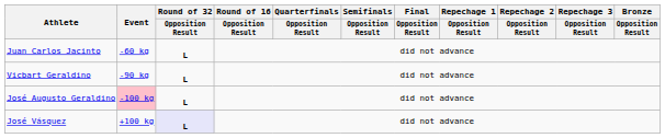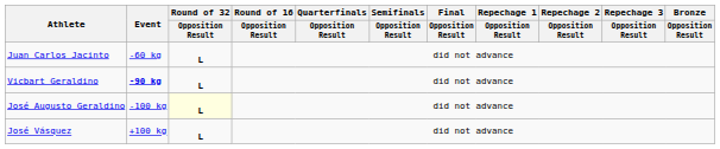 <table class="wikitable" style="font-size:90%">
 <tr>
 <th rowspan="2">Athlete</th>
 <th rowspan="2">Event</th>
 <th>Round of 32</th>
 <th>Round of 16</th>
 <th>Quarterfinals</th>
 <th>Semifinals</th>
 <th>Final</th>
 <th>Repechage 1</th>
 <th>Repechage 2</th>
 <th>Repechage 3</th>
 <th>Bronze</th>
 </tr>
 <tr>
 <th style="line-height:1em"><small>Opposition<br>Result</small></th>
 <th style="line-height:1em"><small>Opposition<br>Result</small></th>
 <th style="line-height:1em"><small>Opposition<br>Result</small></th>
 <th style="line-height:1em"><small>Opposition<br>Result</small></th>
 <th style="line-height:1em"><small>Opposition<br>Result</small></th>
 <th style="line-height:1em"><small>Opposition<br>Result</small></th>
 <th style="line-height:1em"><small>Opposition<br>Result</small></th>
 <th style="line-height:1em"><small>Opposition<br>Result</small></th>
 <th style="line-height:1em"><small>Opposition<br>Result</small></th>
 </tr>
 <tr>
 <td><a href='#'>Juan Carlos Jacinto</a></td>
 <td><a href='#'>-60 kg</a></td>
 <td align="center"><br><strong>L</strong></td>
 <td align="center" colspan=8>did not advance</td>
 </tr>
 <tr>
 <td><a href='#'>Vicbart Geraldino</a></td>
-<td><a href='#'>-90 kg</a></td>
+<td><strong><a href='#'>-90 kg</a></strong></td>
 <td align="center"><br><strong>L</strong></td>
 <td align="center" colspan=8>did not advance</td>
 </tr>
 <tr>
 <td><a href='#'>José Augusto Geraldino</a></td>
-<td style="background: pink;"><a href='#'>-100 kg</a></td>
-<td align="center"><br><strong>L</strong></td>
+<td><a href='#'>-100 kg</a></td>
+<td align="center" style="background: lightyellow;"><br><strong>L</strong></td>
 <td align="center" colspan=8>did not advance</td>
 </tr>
 <tr>
 <td><a href='#'>José Vásquez</a></td>
 <td><a href='#'>+100 kg</a></td>
-<td align="center" style="background: lavender;"><br><strong>L</strong></td>
+<td align="center"><br><strong>L</strong></td>
 <td align="center" colspan=8>did not advance</td>
 </tr>
 </table>
